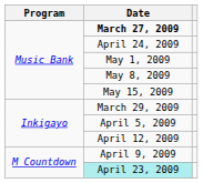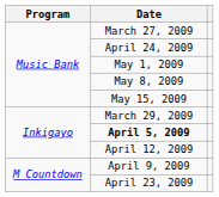 <table class="wikitable" style="text-align:center">
 <tr>
 <th width="100">Program</th>
 <th width="140">Date</th>
 <th></th>
 </tr>
 <tr>
 <td rowspan="5"><em><a href='#'>Music Bank</a></em></td>
-<td><strong>March 27, 2009</strong></td>
+<td>March 27, 2009</td>
 <td></td>
 </tr>
 <tr>
 <td>April 24, 2009</td>
 <td></td>
 </tr>
 <tr>
 <td>May 1, 2009</td>
 <td></td>
 </tr>
 <tr>
 <td>May 8, 2009</td>
 <td></td>
 </tr>
 <tr>
 <td>May 15, 2009</td>
 <td></td>
 </tr>
 <tr>
 <td rowspan="3"><em><a href='#'>Inkigayo</a></em></td>
 <td>March 29, 2009</td>
 <td></td>
 </tr>
 <tr>
-<td>April 5, 2009</td>
+<td><strong>April 5, 2009</strong></td>
 <td></td>
 </tr>
 <tr>
 <td>April 12, 2009</td>
 <td></td>
 </tr>
 <tr>
 <td rowspan="2"><em><a href='#'>M Countdown</a></em></td>
 <td>April 9, 2009</td>
 <td></td>
 </tr>
 <tr>
-<td style="background: paleturquoise;">April 23, 2009</td>
+<td>April 23, 2009</td>
 <td></td>
 </tr>
 </table>
